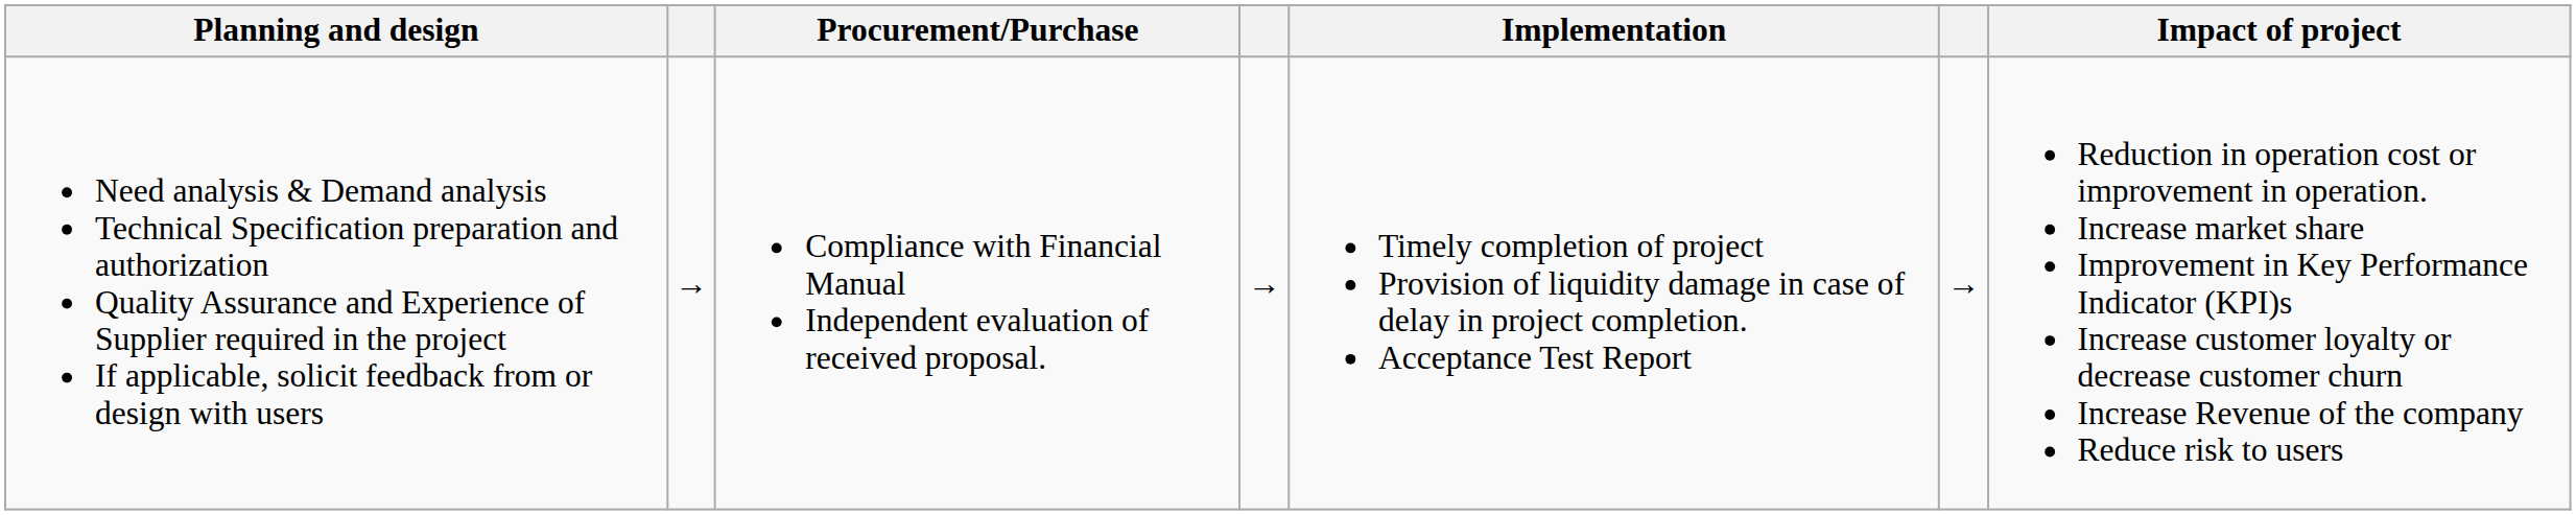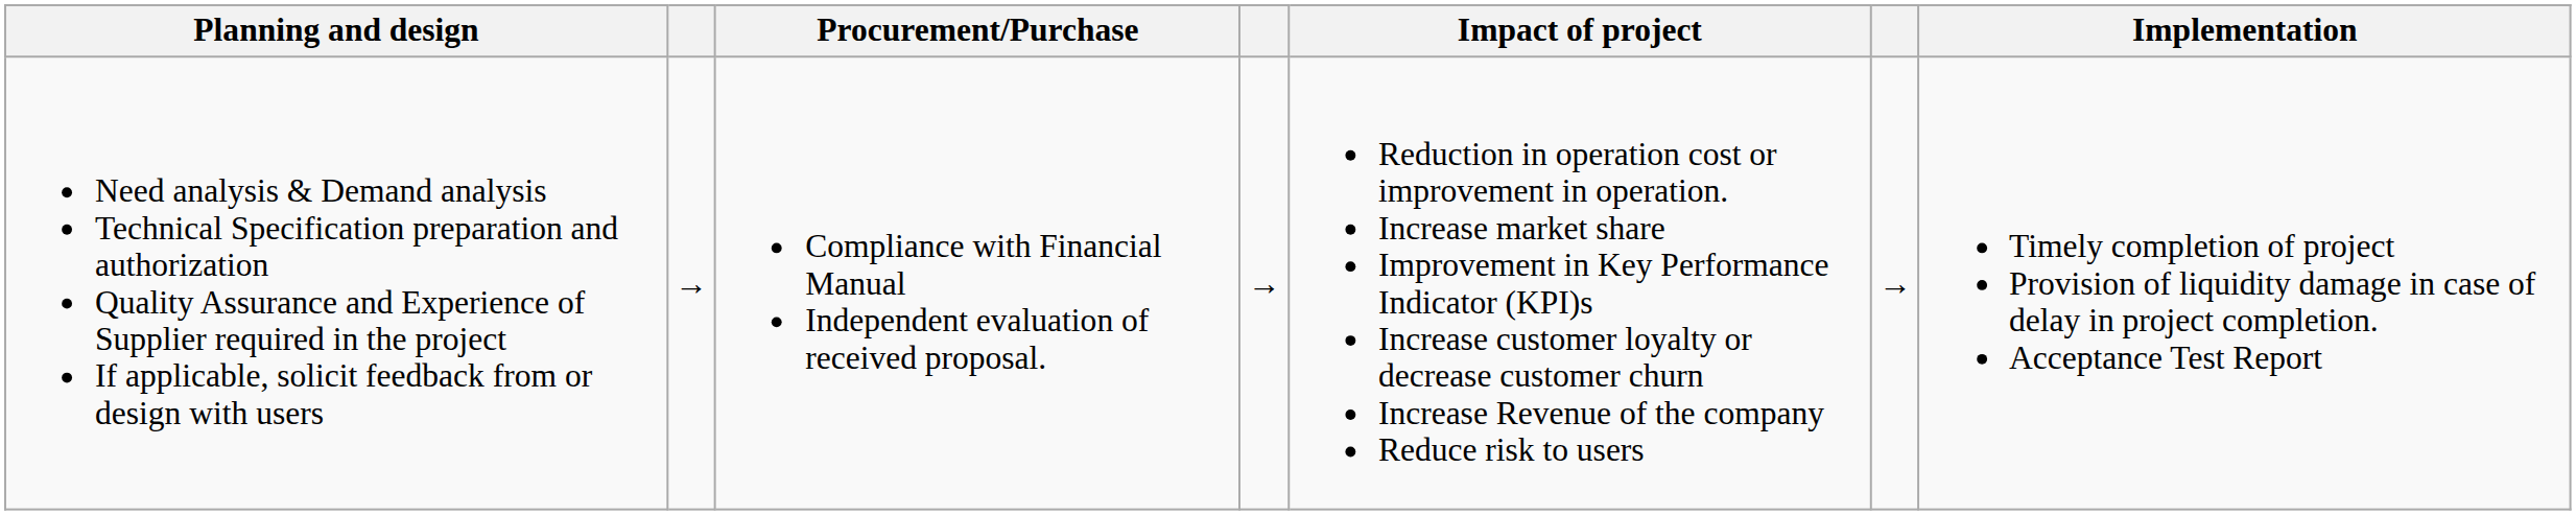 <table class="wikitable">
 <tr>
 <th>Planning and design</th>
 <th></th>
 <th>Procurement/Purchase</th>
 <th></th>
+<th>Impact of project</th>
+<th></th>
 <th>Implementation</th>
-<th></th>
-<th>Impact of project</th>
 </tr>
 <tr>
 <td><br><ul><li>Need analysis & Demand analysis</li><li>Technical Specification preparation and authorization</li><li>Quality Assurance and Experience of Supplier required in the project</li><li>If applicable, solicit feedback from or design with users</li></ul></td>
 <td>→</td>
 <td><br><ul><li>Compliance with Financial Manual</li><li>Independent evaluation of received proposal.</li></ul></td>
 <td>→</td>
+<td><br><ul><li>Reduction in operation cost or improvement in operation.</li><li>Increase market share</li><li>Improvement in Key Performance Indicator (KPI)s</li><li>Increase customer loyalty or decrease customer churn</li><li>Increase Revenue of the company</li><li>Reduce risk to users</li></ul></td>
+<td>→</td>
 <td><br><ul><li>Timely completion of project</li><li>Provision of liquidity damage in case of delay in project completion.</li><li>Acceptance Test Report</li></ul></td>
-<td>→</td>
-<td><br><ul><li>Reduction in operation cost or improvement in operation.</li><li>Increase market share</li><li>Improvement in Key Performance Indicator (KPI)s</li><li>Increase customer loyalty or decrease customer churn</li><li>Increase Revenue of the company</li><li>Reduce risk to users</li></ul></td>
 </tr>
 </table>
